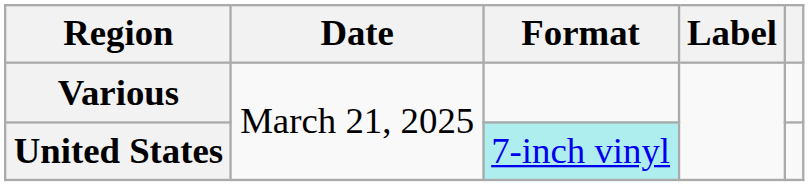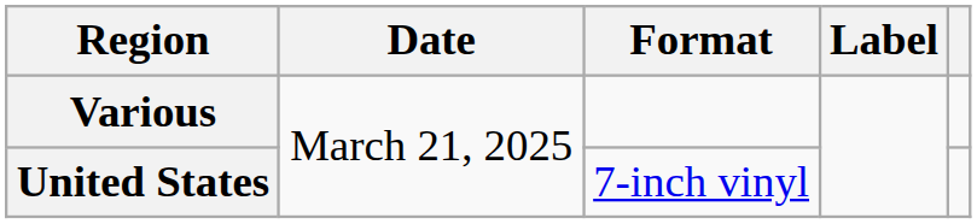 <table class="wikitable plainrowheaders">
 <tr>
 <th scope="col">Region</th>
 <th scope="col">Date</th>
 <th scope="col">Format</th>
 <th scope="col">Label</th>
 <th scope="col"></th>
 </tr>
 <tr>
 <th scope="row">Various</th>
 <td rowspan="2">March 21, 2025</td>
 <td></td>
 <td rowspan="2"></td>
 <td align="center"></td>
 </tr>
 <tr>
 <th scope="row">United States</th>
-<td style="background: paleturquoise;"><a href='#'>7-inch vinyl</a></td>
+<td><a href='#'>7-inch vinyl</a></td>
 <td align="center"></td>
 </tr>
 </table>
